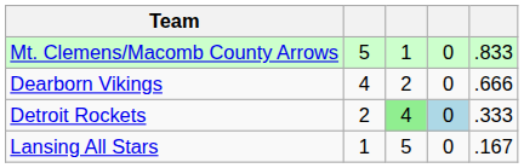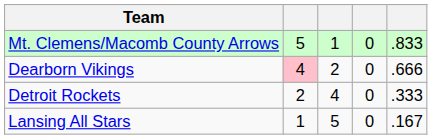 <table class="wikitable" style="font-size:95%; text-align:center">
 <tr>
 <th>Team</th>
 <th width="25"></th>
 <th width="25"></th>
 <th width="25"></th>
 <th width="30"></th>
 </tr>
 <tr style="background:#cfc;">
 <td style="text-align:left;"><a href='#'>Mt. Clemens/Macomb County Arrows</a></td>
 <td>5</td>
 <td>1</td>
 <td>0</td>
 <td>.833</td>
 </tr>
 <tr>
 <td style="text-align:left;"><a href='#'>Dearborn Vikings</a></td>
-<td>4</td>
+<td style="background: pink;">4</td>
 <td>2</td>
 <td>0</td>
 <td>.666</td>
 </tr>
 <tr>
 <td style="text-align:left;"><a href='#'>Detroit Rockets</a></td>
 <td>2</td>
-<td style="background: lightgreen;">4</td>
-<td style="background: lightblue;">0</td>
+<td>4</td>
+<td>0</td>
 <td>.333</td>
 </tr>
 <tr>
 <td style="text-align:left;"><a href='#'>Lansing All Stars</a></td>
 <td>1</td>
 <td>5</td>
 <td>0</td>
 <td>.167</td>
 </tr>
 </table>
